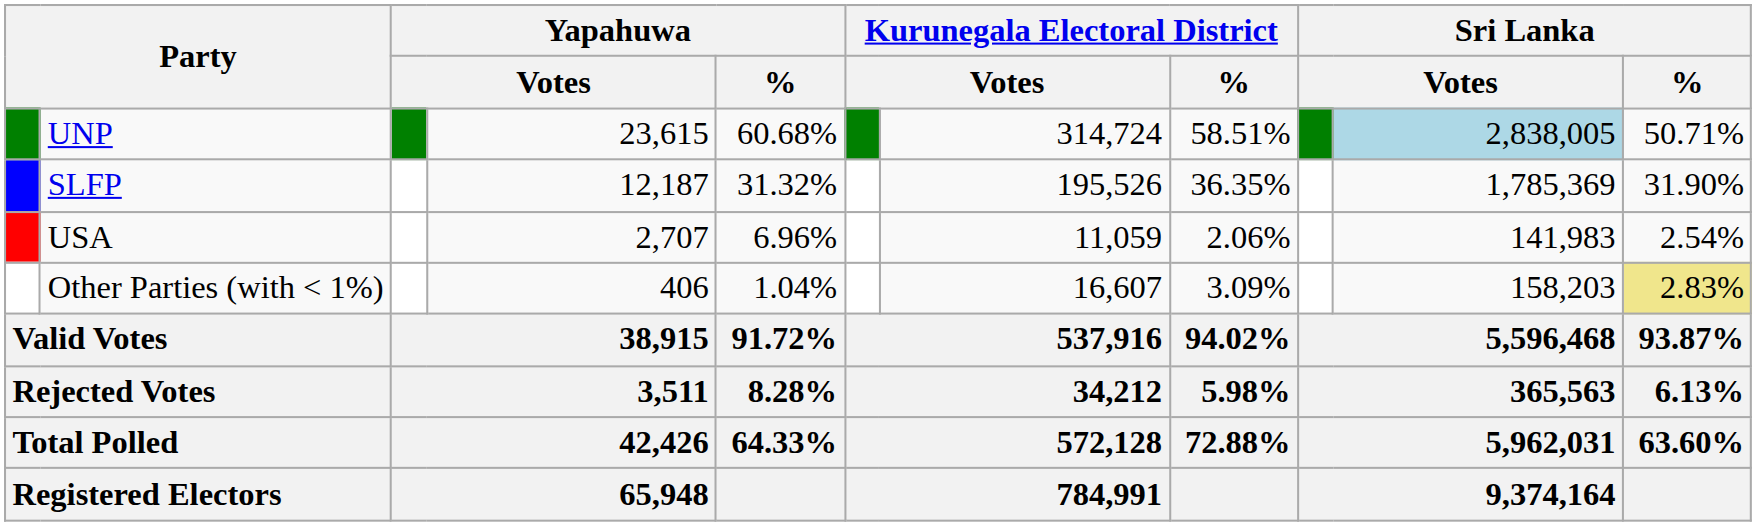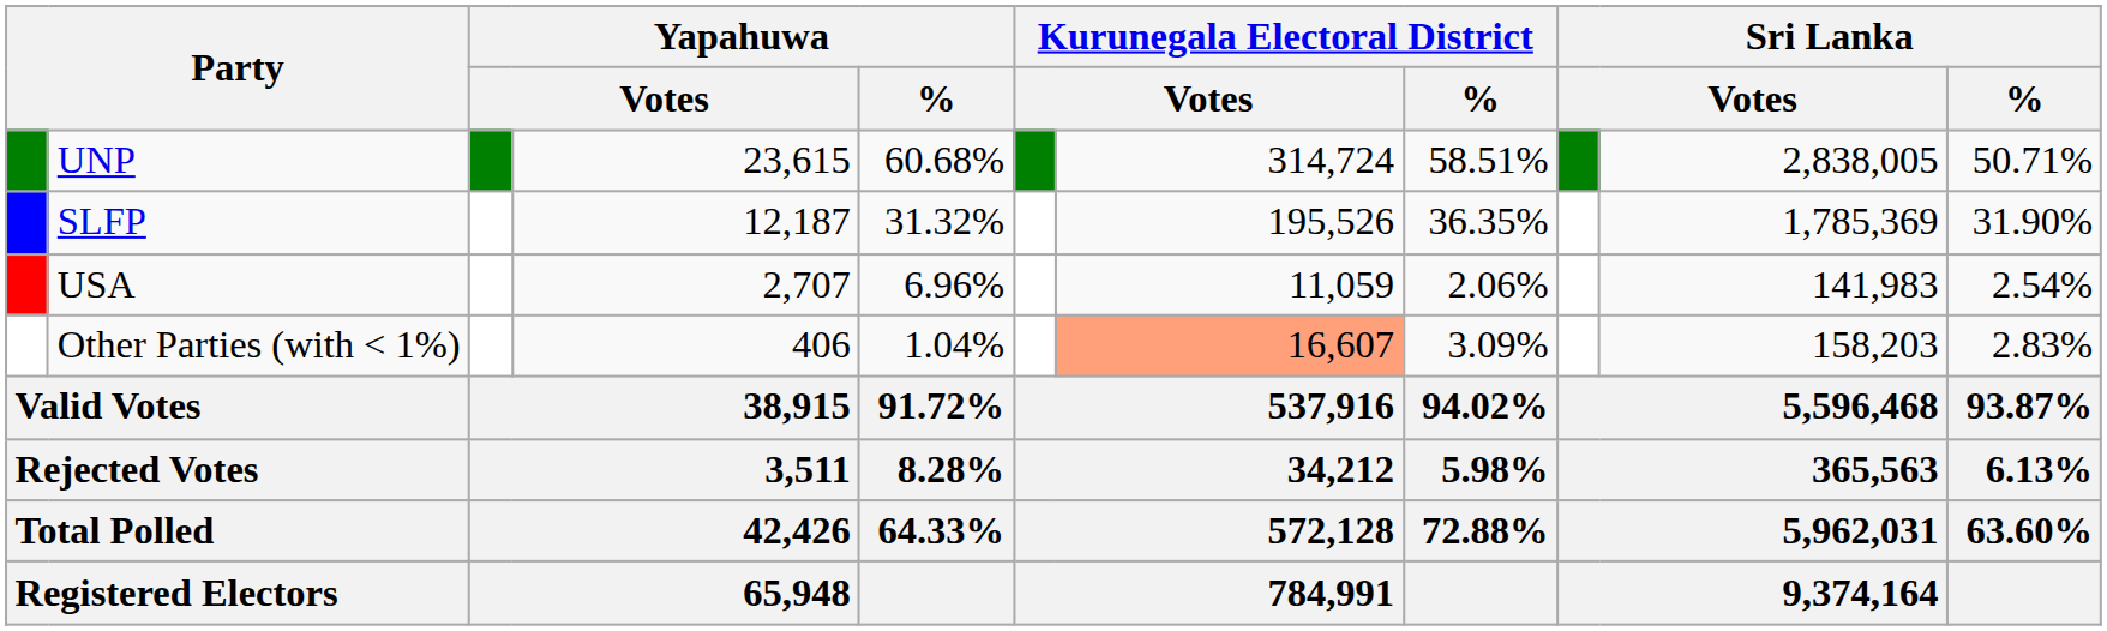 <table class="wikitable">
 <tr>
 <th colspan="2" width="144px"rowspan="2">Party</th>
 <th colspan="3" width="216px">Yapahuwa</th>
 <th colspan="3" width="216px"><a href='#'>Kurunegala Electoral District</a></th>
 <th colspan="3" width="216px">Sri Lanka</th>
 </tr>
 <tr>
 <th colspan="2" width="144px">Votes</th>
 <th>%</th>
 <th colspan="2" width="144px">Votes</th>
 <th>%</th>
 <th colspan="2" width="144px">Votes</th>
 <th>%</th>
 </tr>
 <tr>
 <td style="background-color:green;" width="10px"></td>
 <td style="text-align:left;"><a href='#'>UNP</a></td>
 <td style="background-color:green;" width="10px"></td>
 <td style="text-align:right;">23,615</td>
 <td style="text-align:right;">60.68%</td>
 <td style="background-color:green;" width="10px"></td>
 <td style="text-align:right;">314,724</td>
 <td style="text-align:right;">58.51%</td>
 <td style="background-color:green;" width="10px"></td>
-<td style="background: lightblue; text-align:right;">2,838,005</td>
+<td style="text-align:right;">2,838,005</td>
 <td style="text-align:right;">50.71%</td>
 </tr>
 <tr>
 <td style="background-color:blue;" width="10px"></td>
 <td style="text-align:left;"><a href='#'>SLFP</a></td>
 <td style="background-color:white;" width="10px"></td>
 <td style="text-align:right;">12,187</td>
 <td style="text-align:right;">31.32%</td>
 <td style="background-color:white;" width="10px"></td>
 <td style="text-align:right;">195,526</td>
 <td style="text-align:right;">36.35%</td>
 <td style="background-color:white;" width="10px"></td>
 <td style="text-align:right;">1,785,369</td>
 <td style="text-align:right;">31.90%</td>
 </tr>
 <tr>
 <td style="background-color:red;" width="10px"></td>
 <td style="text-align:left;">USA</td>
 <td style="background-color:white;" width="10px"></td>
 <td style="text-align:right;">2,707</td>
 <td style="text-align:right;">6.96%</td>
 <td style="background-color:white;" width="10px"></td>
 <td style="text-align:right;">11,059</td>
 <td style="text-align:right;">2.06%</td>
 <td style="background-color:white;" width="10px"></td>
 <td style="text-align:right;">141,983</td>
 <td style="text-align:right;">2.54%</td>
 </tr>
 <tr>
 <td style="background-color:white;" width="10px"></td>
 <td style="text-align:left;">Other Parties (with < 1%)</td>
 <td style="background-color:white;" width="10px"></td>
 <td style="text-align:right;">406</td>
 <td style="text-align:right;">1.04%</td>
 <td style="background-color:white;" width="10px"></td>
-<td style="text-align:right;">16,607</td>
+<td style="background: lightsalmon; text-align:right;">16,607</td>
 <td style="text-align:right;">3.09%</td>
 <td style="background-color:white;" width="10px"></td>
 <td style="text-align:right;">158,203</td>
-<td style="background: khaki; text-align:right;">2.83%</td>
+<td style="text-align:right;">2.83%</td>
 </tr>
 <tr>
 <th colspan="2" width="144px"style="text-align:left;">Valid Votes</th>
 <th style="text-align:right;"colspan="2" width="144px">38,915</th>
 <th style="text-align:right;">91.72%</th>
 <th style="text-align:right;"colspan="2" width="144px">537,916</th>
 <th style="text-align:right;">94.02%</th>
 <th style="text-align:right;"colspan="2" width="144px">5,596,468</th>
 <th style="text-align:right;">93.87%</th>
 </tr>
 <tr>
 <th colspan="2" width="144px"style="text-align:left;">Rejected Votes</th>
 <th style="text-align:right;"colspan="2" width="144px">3,511</th>
 <th style="text-align:right;">8.28%</th>
 <th style="text-align:right;"colspan="2" width="144px">34,212</th>
 <th style="text-align:right;">5.98%</th>
 <th style="text-align:right;"colspan="2" width="144px">365,563</th>
 <th style="text-align:right;">6.13%</th>
 </tr>
 <tr>
 <th colspan="2" width="144px"style="text-align:left;">Total Polled</th>
 <th style="text-align:right;"colspan="2" width="144px">42,426</th>
 <th style="text-align:right;">64.33%</th>
 <th style="text-align:right;"colspan="2" width="144px">572,128</th>
 <th style="text-align:right;">72.88%</th>
 <th style="text-align:right;"colspan="2" width="144px">5,962,031</th>
 <th style="text-align:right;">63.60%</th>
 </tr>
 <tr>
 <th colspan="2" width="144px"style="text-align:left;">Registered Electors</th>
 <th style="text-align:right;"colspan="2" width="144px">65,948</th>
 <th></th>
 <th style="text-align:right;"colspan="2" width="144px">784,991</th>
 <th></th>
 <th style="text-align:right;"colspan="2" width="144px">9,374,164</th>
 <th></th>
 </tr>
 </table>
